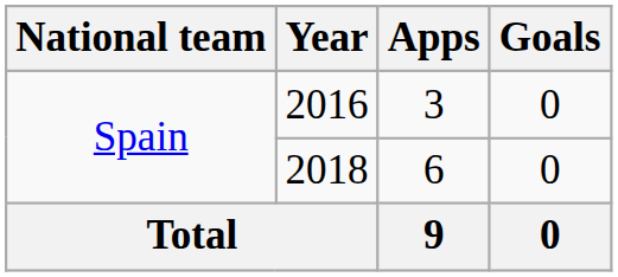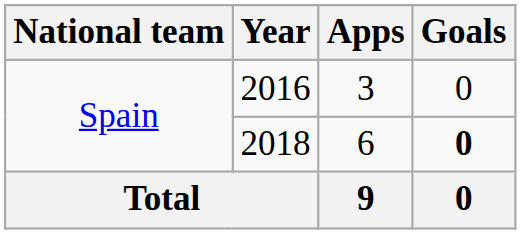 <table class="wikitable" style="text-align: center;">
 <tr>
 <th>National team</th>
 <th>Year</th>
 <th>Apps</th>
 <th>Goals</th>
 </tr>
 <tr>
 <td rowspan=2><a href='#'>Spain</a></td>
 <td>2016</td>
 <td>3</td>
 <td>0</td>
 </tr>
 <tr>
 <td>2018</td>
 <td>6</td>
-<td>0</td>
+<td><strong>0</strong></td>
 </tr>
 <tr>
 <th colspan=2>Total</th>
 <th>9</th>
 <th>0</th>
 </tr>
 </table>
